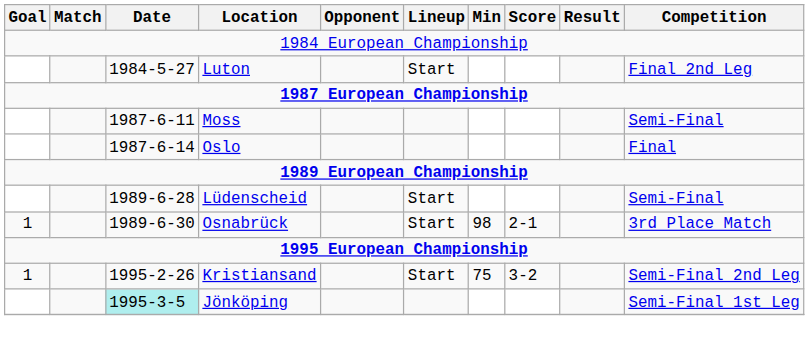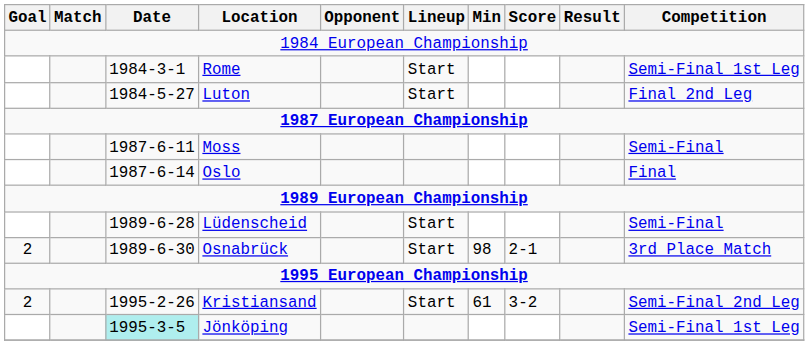 <table class="wikitable collapsible" style="fontsize:90%;">
 <tr>
 <th>Goal</th>
 <th>Match</th>
 <th>Date</th>
 <th>Location</th>
 <th>Opponent</th>
 <th>Lineup</th>
 <th>Min</th>
 <th>Score</th>
 <th>Result</th>
 <th>Competition</th>
 </tr>
 <tr>
 <td colspan=10 align=center><a href='#'>1984 European Championship</a></td>
+</tr>
+<tr>
+<td style="background:white;"></td>
+<td></td>
+<td>1984-3-1</td>
+<td><a href='#'>Rome</a></td>
+<td></td>
+<td>Start</td>
+<td style="background:white;"></td>
+<td style="background:white;"></td>
+<td></td>
+<td><a href='#'>Semi-Final 1st Leg</a></td>
 </tr>
 <tr>
 <td style="background:white;"></td>
 <td></td>
 <td>1984-5-27</td>
 <td><a href='#'>Luton</a></td>
 <td></td>
 <td>Start</td>
 <td style="background:white;"></td>
 <td style="background:white;"></td>
 <td></td>
 <td><a href='#'>Final 2nd Leg</a></td>
 </tr>
 <tr>
 <td colspan=10 align=center> <strong><a href='#'>1987 European Championship</a></strong></td>
 </tr>
 <tr>
 <td style="background:white;"></td>
 <td></td>
 <td>1987-6-11</td>
 <td><a href='#'>Moss</a></td>
 <td></td>
 <td></td>
 <td style="background:white;"></td>
 <td style="background:white;"></td>
 <td></td>
 <td><a href='#'>Semi-Final</a></td>
 </tr>
 <tr>
 <td style="background:white;"></td>
 <td></td>
 <td>1987-6-14</td>
 <td><a href='#'>Oslo</a></td>
 <td></td>
 <td></td>
 <td style="background:white;"></td>
 <td style="background:white;"></td>
 <td></td>
 <td><a href='#'>Final</a></td>
 </tr>
 <tr>
 <td colspan=10 align=center> <strong><a href='#'>1989 European Championship</a></strong></td>
 </tr>
 <tr>
 <td style="background:white;"></td>
 <td></td>
 <td>1989-6-28</td>
 <td><a href='#'>Lüdenscheid</a></td>
 <td></td>
 <td>Start</td>
 <td style="background:white;"></td>
 <td style="background:white;"></td>
 <td></td>
 <td><a href='#'>Semi-Final</a></td>
 </tr>
 <tr>
-<td align=center>1</td>
+<td align=center>2</td>
 <td></td>
 <td>1989-6-30</td>
 <td><a href='#'>Osnabrück</a></td>
 <td></td>
 <td>Start</td>
 <td>98</td>
 <td>2-1</td>
 <td></td>
 <td><a href='#'>3rd Place Match</a></td>
 </tr>
 <tr>
 <td colspan=10 align=center><strong><a href='#'>1995 European Championship</a></strong></td>
 </tr>
 <tr>
-<td align=center>1</td>
+<td align=center>2</td>
 <td></td>
 <td>1995-2-26</td>
 <td><a href='#'>Kristiansand</a></td>
 <td></td>
 <td>Start</td>
-<td>75</td>
+<td>61</td>
 <td>3-2</td>
 <td></td>
 <td><a href='#'>Semi-Final 2nd Leg</a></td>
 </tr>
 <tr>
 <td style="background:white;"></td>
 <td></td>
 <td style="background: paleturquoise;">1995-3-5</td>
 <td><a href='#'>Jönköping</a></td>
 <td></td>
 <td></td>
 <td style="background:white;"></td>
 <td style="background:white;"></td>
 <td></td>
 <td><a href='#'>Semi-Final 1st Leg</a></td>
 </tr>
 <tr>
 </tr>
 </table>
